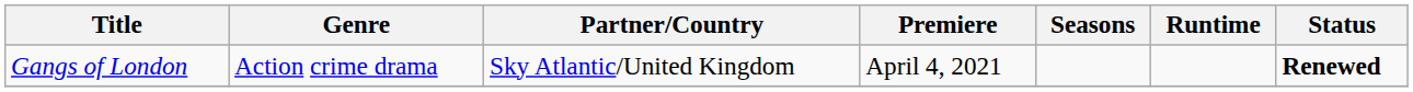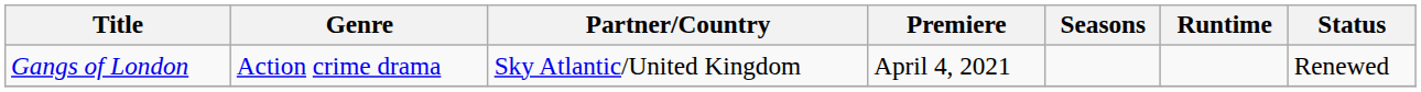 <table class="wikitable sortable" style="width:100%;">
 <tr>
 <th>Title</th>
 <th>Genre</th>
 <th>Partner/Country</th>
 <th>Premiere</th>
 <th>Seasons</th>
 <th>Runtime</th>
 <th>Status</th>
 </tr>
 <tr>
 <td><em><a href='#'>Gangs of London</a></em></td>
 <td><a href='#'>Action</a> <a href='#'>crime drama</a></td>
 <td><a href='#'>Sky Atlantic</a>/United Kingdom</td>
 <td>April 4, 2021</td>
 <td></td>
 <td></td>
-<td><strong>Renewed</strong></td>
+<td>Renewed</td>
 </tr>
 <tr>
 </tr>
 </table>
